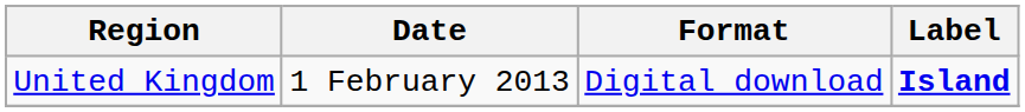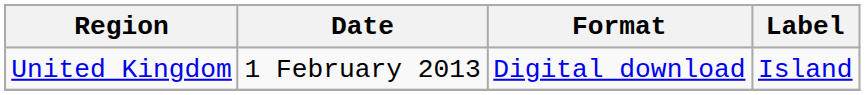 <table class=wikitable>
 <tr>
 <th>Region</th>
 <th>Date</th>
 <th>Format</th>
 <th>Label</th>
 </tr>
 <tr>
 <td><a href='#'>United Kingdom</a></td>
 <td>1 February 2013</td>
 <td><a href='#'>Digital download</a></td>
-<td><strong><a href='#'>Island</a></strong></td>
+<td><a href='#'>Island</a></td>
 </tr>
 <tr>
 </tr>
 </table>
